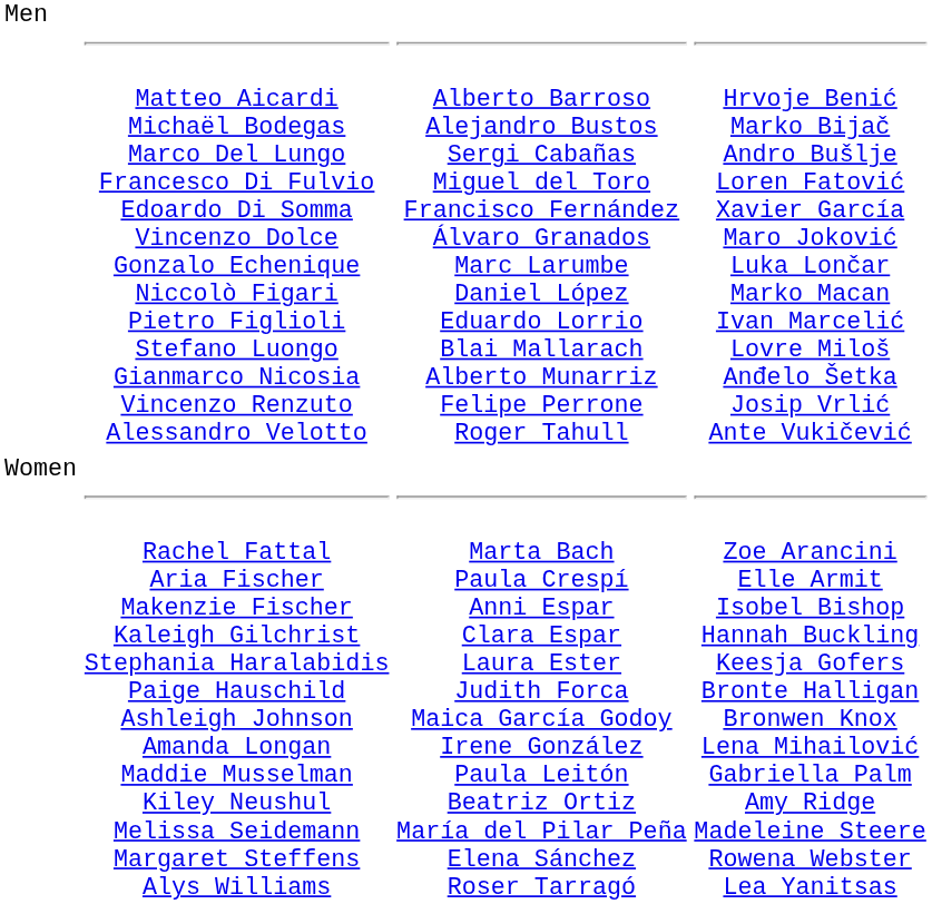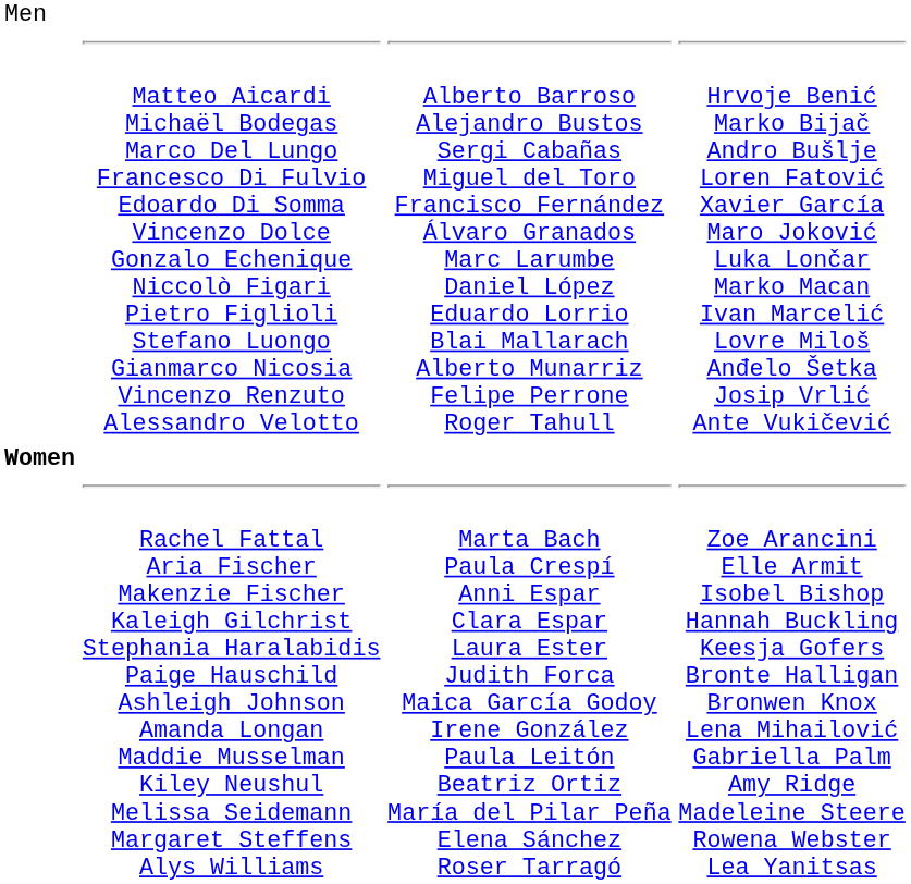 <table>
 <tr valign="top">
 <td>Men<br></td>
 <td style="text-align:center; vertical-align:top;"> <br><hr><br><a href='#'>Matteo Aicardi</a><br><a href='#'>Michaël Bodegas</a><br><a href='#'>Marco Del Lungo</a><br><a href='#'>Francesco Di Fulvio</a><br><a href='#'>Edoardo Di Somma</a><br><a href='#'>Vincenzo Dolce</a><br><a href='#'>Gonzalo Echenique</a><br><a href='#'>Niccolò Figari</a><br><a href='#'>Pietro Figlioli</a><br><a href='#'>Stefano Luongo</a><br><a href='#'>Gianmarco Nicosia</a><br><a href='#'>Vincenzo Renzuto</a><br><a href='#'>Alessandro Velotto</a></td>
 <td style="text-align:center; vertical-align:top;"> <br><hr><br><a href='#'>Alberto Barroso</a><br><a href='#'>Alejandro Bustos</a><br><a href='#'>Sergi Cabañas</a><br><a href='#'>Miguel del Toro</a><br><a href='#'>Francisco Fernández</a><br><a href='#'>Álvaro Granados</a><br><a href='#'>Marc Larumbe</a><br><a href='#'>Daniel López</a><br><a href='#'>Eduardo Lorrio</a><br><a href='#'>Blai Mallarach</a><br><a href='#'>Alberto Munarriz</a><br><a href='#'>Felipe Perrone</a><br><a href='#'>Roger Tahull</a></td>
 <td style="text-align:center; vertical-align:top;"> <br><hr><br><a href='#'>Hrvoje Benić</a><br><a href='#'>Marko Bijač</a><br><a href='#'>Andro Bušlje</a><br><a href='#'>Loren Fatović</a><br><a href='#'>Xavier García</a><br><a href='#'>Maro Joković</a><br><a href='#'>Luka Lončar</a><br><a href='#'>Marko Macan</a><br><a href='#'>Ivan Marcelić</a><br><a href='#'>Lovre Miloš</a><br><a href='#'>Anđelo Šetka</a><br><a href='#'>Josip Vrlić</a><br><a href='#'>Ante Vukičević</a></td>
 </tr>
 <tr valign="top">
-<td>Women<br></td>
+<td><strong>Women<br></strong></td>
 <td style="text-align:center; vertical-align:top;"> <br><hr><br><a href='#'>Rachel Fattal</a><br><a href='#'>Aria Fischer</a><br><a href='#'>Makenzie Fischer</a><br><a href='#'>Kaleigh Gilchrist</a><br><a href='#'>Stephania Haralabidis</a><br><a href='#'>Paige Hauschild</a><br><a href='#'>Ashleigh Johnson</a><br><a href='#'>Amanda Longan</a><br><a href='#'>Maddie Musselman</a><br><a href='#'>Kiley Neushul</a><br><a href='#'>Melissa Seidemann</a><br><a href='#'>Margaret Steffens</a><br><a href='#'>Alys Williams</a></td>
 <td style="text-align:center; vertical-align:top;"> <br><hr><br><a href='#'>Marta Bach</a><br><a href='#'>Paula Crespí</a><br><a href='#'>Anni Espar</a><br><a href='#'>Clara Espar</a><br><a href='#'>Laura Ester</a><br><a href='#'>Judith Forca</a><br><a href='#'>Maica García Godoy</a><br><a href='#'>Irene González</a><br><a href='#'>Paula Leitón</a><br><a href='#'>Beatriz Ortiz</a><br><a href='#'>María del Pilar Peña</a><br><a href='#'>Elena Sánchez</a><br><a href='#'>Roser Tarragó</a></td>
 <td style="text-align:center; vertical-align:top;"> <br><hr><br><a href='#'>Zoe Arancini</a><br><a href='#'>Elle Armit</a><br><a href='#'>Isobel Bishop</a><br><a href='#'>Hannah Buckling</a><br><a href='#'>Keesja Gofers</a><br><a href='#'>Bronte Halligan</a><br><a href='#'>Bronwen Knox</a><br><a href='#'>Lena Mihailović</a><br><a href='#'>Gabriella Palm</a><br><a href='#'>Amy Ridge</a><br><a href='#'>Madeleine Steere</a><br><a href='#'>Rowena Webster</a><br><a href='#'>Lea Yanitsas</a></td>
 </tr>
 </table>
